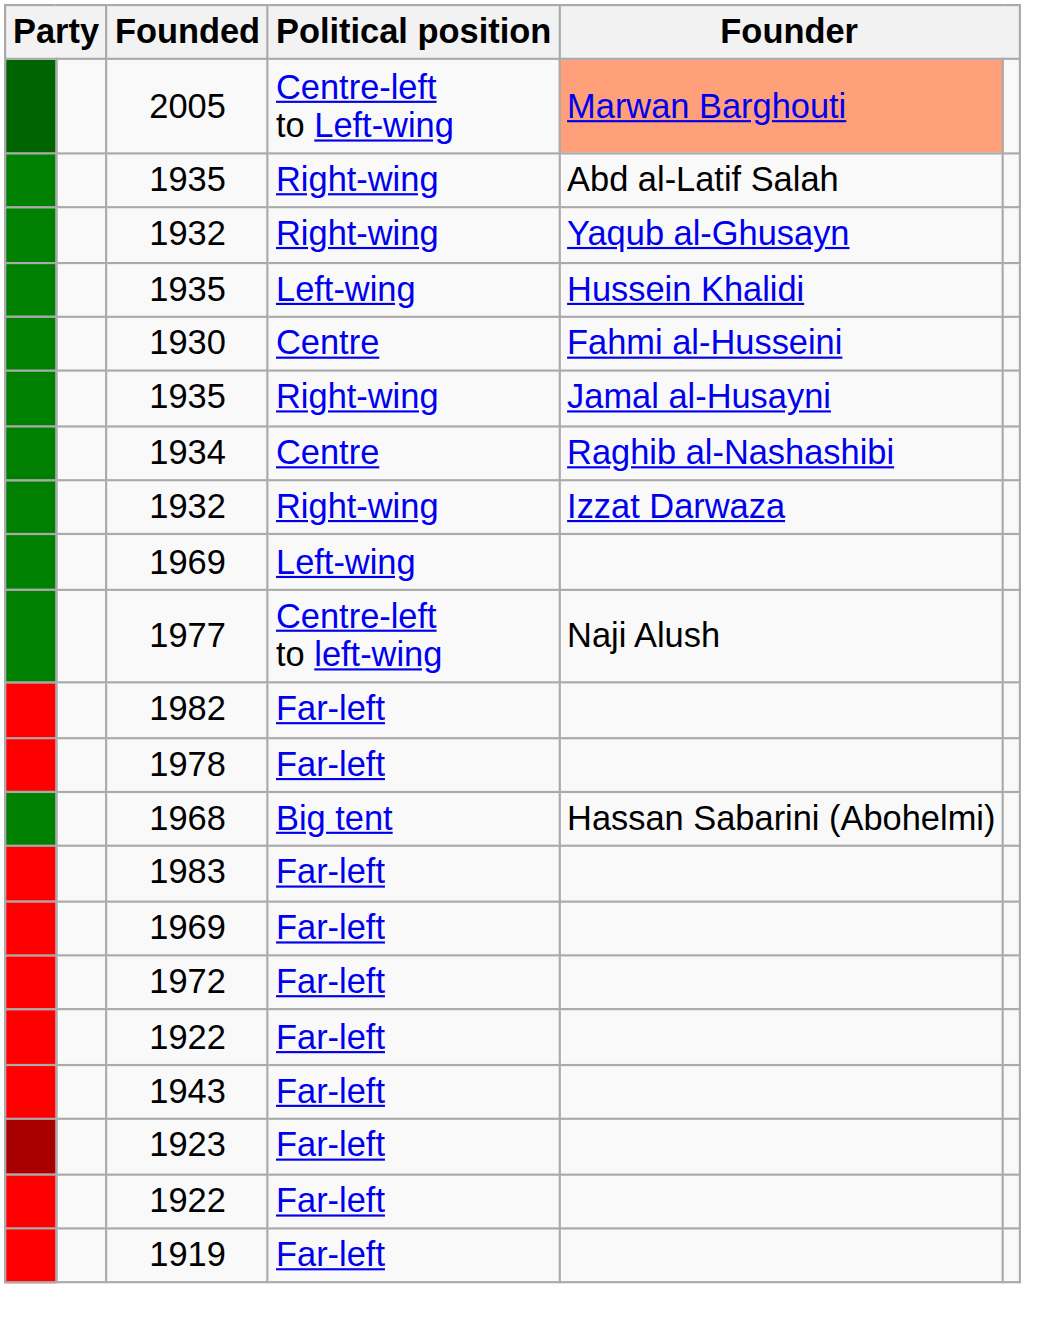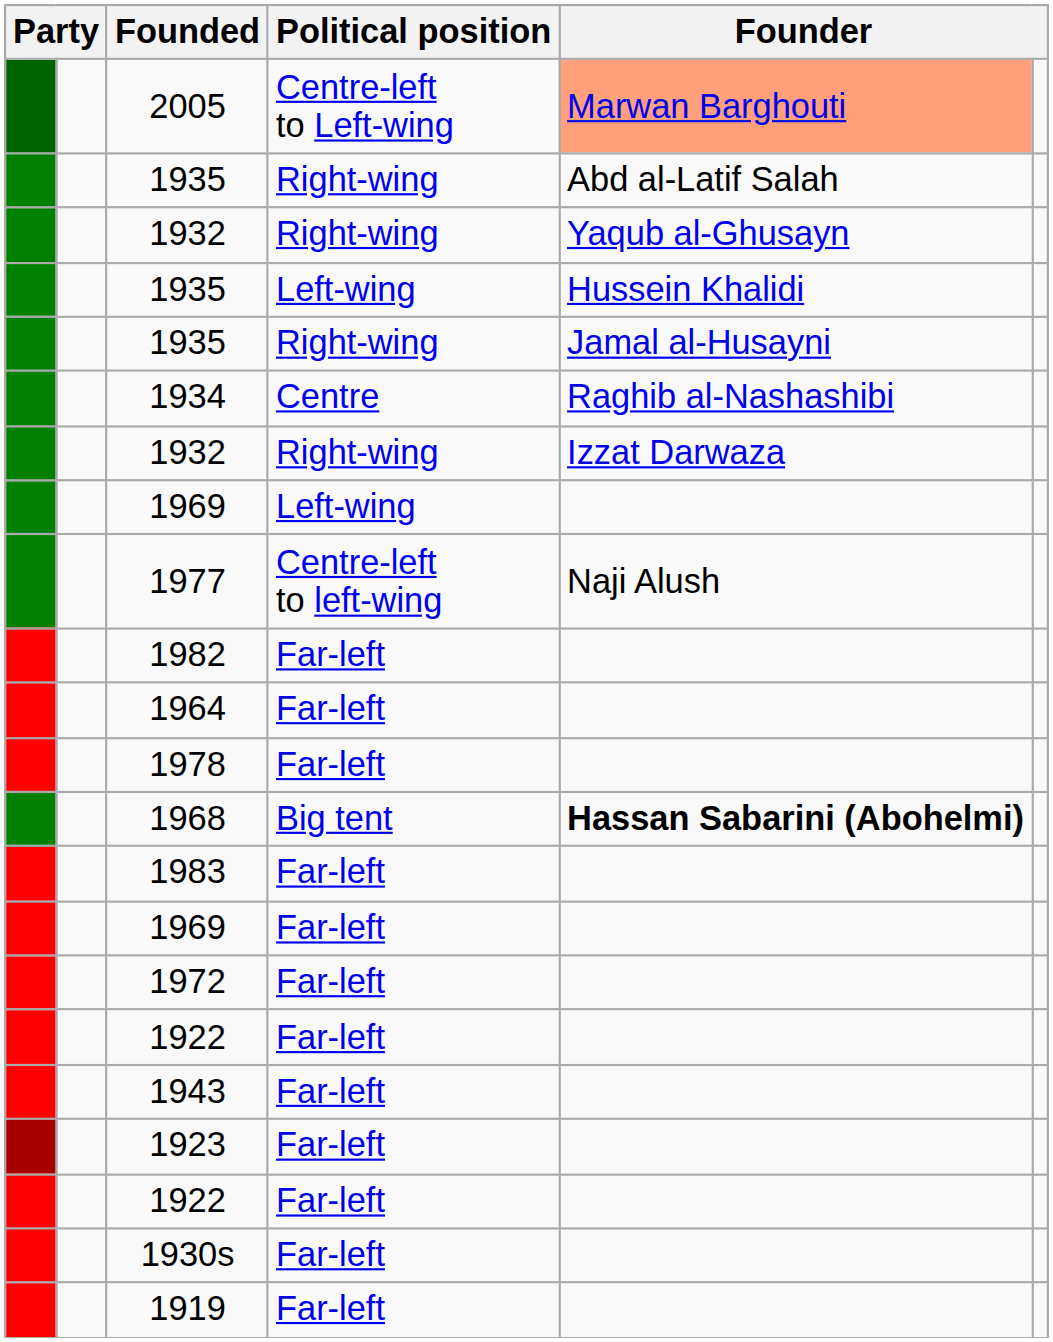 <table class="wikitable sortable">
 <tr>
 <th colspan="2">Party</th>
 <th>Founded</th>
 <th>Political position</th>
 <th colspan="2">Founder</th>
 </tr>
 <tr>
 <td style="background-color:#006400"></td>
 <td></td>
 <td align="center">2005</td>
 <td><a href='#'>Centre-left</a><br>to <a href='#'>Left-wing</a></td>
 <td style="background: lightsalmon;"><a href='#'>Marwan Barghouti</a></td>
 <td></td>
 </tr>
 <tr>
 <td style="background-color: Green"></td>
 <td></td>
 <td align="center">1935</td>
 <td><a href='#'>Right-wing</a></td>
 <td>Abd al-Latif Salah</td>
 <td></td>
 </tr>
 <tr>
 <td style="background-color:Green"></td>
 <td></td>
 <td align="center">1932</td>
 <td><a href='#'>Right-wing</a></td>
 <td><a href='#'>Yaqub al-Ghusayn</a></td>
 <td></td>
 </tr>
 <tr>
 <td style="background-color:Green"></td>
 <td></td>
 <td align="center">1935</td>
 <td><a href='#'>Left-wing</a></td>
 <td><a href='#'>Hussein Khalidi</a></td>
-<td></td>
-</tr>
-<tr>
-<td style="background-color:Green"></td>
-<td></td>
-<td align="center">1930</td>
-<td><a href='#'>Centre</a></td>
-<td><a href='#'>Fahmi al-Husseini</a></td>
 <td></td>
 </tr>
 <tr>
 <td style="background-color:Green"></td>
 <td></td>
 <td align="center">1935</td>
 <td><a href='#'>Right-wing</a></td>
 <td><a href='#'>Jamal al-Husayni</a></td>
 <td></td>
 </tr>
 <tr>
 <td style="background-color:Green"></td>
 <td></td>
 <td align="center">1934</td>
 <td><a href='#'>Centre</a></td>
 <td><a href='#'>Raghib al-Nashashibi</a></td>
 <td></td>
 </tr>
 <tr>
 <td style="background-color:Green"></td>
 <td></td>
 <td align="center">1932</td>
 <td><a href='#'>Right-wing</a></td>
 <td><a href='#'>Izzat Darwaza</a></td>
 <td></td>
 </tr>
 <tr>
 <td style="background-color:Green"></td>
 <td></td>
 <td align="center">1969</td>
 <td><a href='#'>Left-wing</a></td>
 <td></td>
 <td></td>
 </tr>
 <tr>
 <td style="background-color:Green"></td>
 <td></td>
 <td align="center">1977</td>
 <td><a href='#'>Centre-left</a><br>to <a href='#'>left-wing</a></td>
 <td>Naji Alush</td>
 <td></td>
 </tr>
 <tr>
 <td style="background-color:Red"></td>
 <td></td>
 <td align="center">1982</td>
 <td><a href='#'>Far-left</a></td>
 <td></td>
 <td></td>
 </tr>
 <tr>
 <td style="background-color:Red"></td>
 <td></td>
+<td align="center">1964</td>
+<td><a href='#'>Far-left</a></td>
+<td></td>
+<td></td>
+</tr>
+<tr>
+<td style="background-color:Red"></td>
+<td></td>
 <td align="center">1978</td>
 <td><a href='#'>Far-left</a></td>
 <td></td>
 <td></td>
 </tr>
 <tr>
 <td style="background-color: Green"></td>
 <td></td>
 <td align="center">1968</td>
 <td><a href='#'>Big tent</a></td>
-<td>Hassan Sabarini (Abohelmi)</td>
+<td><strong>Hassan Sabarini (Abohelmi)</strong></td>
 <td></td>
 </tr>
 <tr>
 <td style="background-color:Red"></td>
 <td></td>
 <td align="center">1983</td>
 <td><a href='#'>Far-left</a></td>
 <td></td>
 <td></td>
 </tr>
 <tr>
 <td style="background-color: Red"></td>
 <td></td>
 <td align="center">1969</td>
 <td><a href='#'>Far-left</a></td>
 <td></td>
 <td></td>
 </tr>
 <tr>
 <td style="background-color: Red"></td>
 <td></td>
 <td align="center">1972</td>
 <td><a href='#'>Far-left</a></td>
 <td></td>
 <td></td>
 </tr>
 <tr>
 <td style="background-color:Red"></td>
 <td></td>
 <td align="center">1922</td>
 <td><a href='#'>Far-left</a></td>
 <td></td>
 <td></td>
 </tr>
 <tr>
 <td style="background-color:Red"></td>
 <td></td>
 <td align="center">1943</td>
 <td><a href='#'>Far-left</a></td>
 <td></td>
 <td></td>
 </tr>
 <tr>
 <td style="background-color: #a80000"></td>
 <td></td>
 <td align="center">1923</td>
 <td><a href='#'>Far-left</a></td>
 <td></td>
 <td></td>
 </tr>
 <tr>
 <td style="background-color: Red"></td>
 <td></td>
 <td align="center">1922</td>
 <td><a href='#'>Far-left</a></td>
 <td></td>
 <td></td>
 </tr>
 <tr>
 <td style="background-color: Red"></td>
 <td></td>
+<td align="center">1930s</td>
+<td><a href='#'>Far-left</a></td>
+<td></td>
+<td></td>
+</tr>
+<tr>
+<td style="background-color: Red"></td>
+<td></td>
 <td align="center">1919</td>
 <td><a href='#'>Far-left</a></td>
 <td></td>
 <td></td>
 </tr>
 </table>
